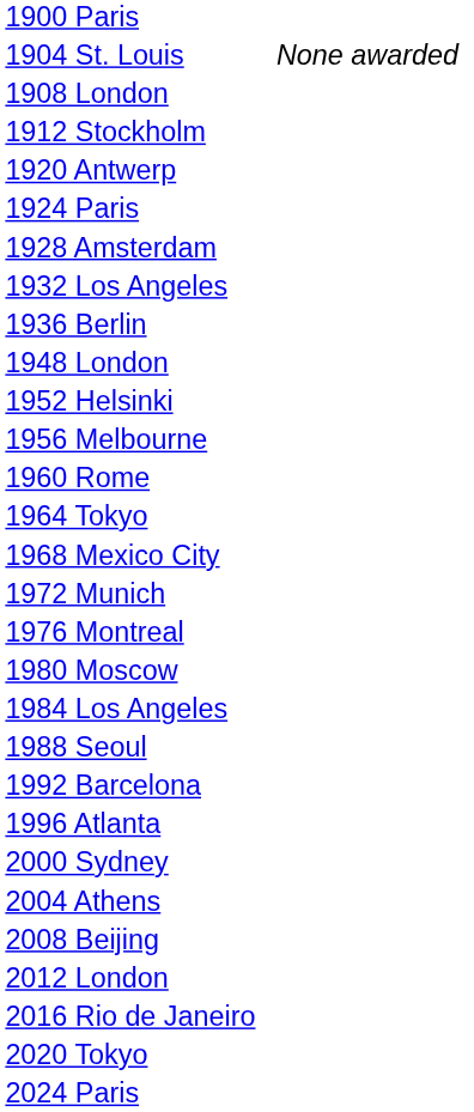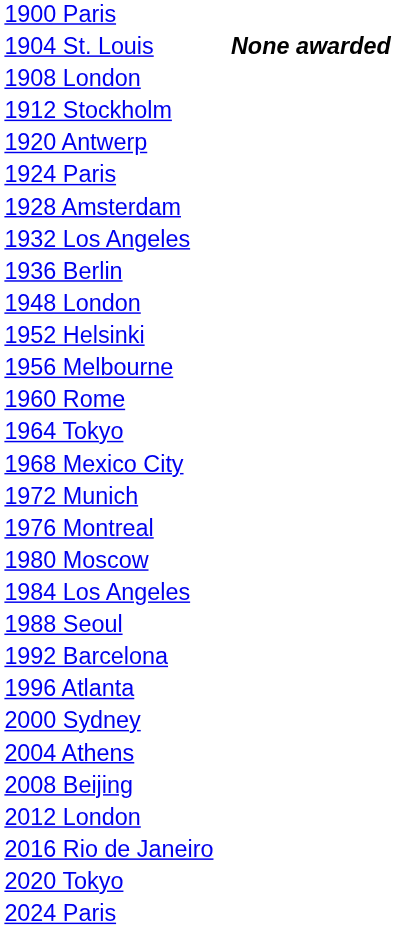 <table>
 <tr>
 <td><a href='#'>1900 Paris</a><br></td>
 <td></td>
 <td></td>
 <td></td>
 </tr>
 <tr>
 <td><a href='#'>1904 St. Louis</a><br></td>
 <td></td>
 <td></td>
-<td><em>None awarded</em></td>
+<td><strong><em>None awarded</em></strong></td>
 </tr>
 <tr>
 <td><a href='#'>1908 London</a><br></td>
 <td></td>
 <td></td>
 <td><br></td>
 </tr>
 <tr>
 <td><a href='#'>1912 Stockholm</a><br></td>
 <td></td>
 <td></td>
 <td></td>
 </tr>
 <tr>
 <td><a href='#'>1920 Antwerp</a><br></td>
 <td></td>
 <td></td>
 <td></td>
 </tr>
 <tr>
 <td><a href='#'>1924 Paris</a><br></td>
 <td></td>
 <td></td>
 <td></td>
 </tr>
 <tr>
 <td><a href='#'>1928 Amsterdam</a><br></td>
 <td></td>
 <td></td>
 <td></td>
 </tr>
 <tr>
 <td><a href='#'>1932 Los Angeles</a><br></td>
 <td></td>
 <td></td>
 <td></td>
 </tr>
 <tr>
 <td><a href='#'>1936 Berlin</a><br></td>
 <td></td>
 <td></td>
 <td></td>
 </tr>
 <tr>
 <td><a href='#'>1948 London</a><br></td>
 <td></td>
 <td></td>
 <td></td>
 </tr>
 <tr>
 <td><a href='#'>1952 Helsinki</a><br></td>
 <td></td>
 <td></td>
 <td></td>
 </tr>
 <tr>
 <td><a href='#'>1956 Melbourne</a><br></td>
 <td></td>
 <td></td>
 <td></td>
 </tr>
 <tr>
 <td><a href='#'>1960 Rome</a><br></td>
 <td></td>
 <td></td>
 <td></td>
 </tr>
 <tr>
 <td><a href='#'>1964 Tokyo</a><br></td>
 <td></td>
 <td></td>
 <td></td>
 </tr>
 <tr>
 <td><a href='#'>1968 Mexico City</a><br></td>
 <td></td>
 <td></td>
 <td></td>
 </tr>
 <tr>
 <td><a href='#'>1972 Munich</a><br></td>
 <td></td>
 <td></td>
 <td></td>
 </tr>
 <tr>
 <td><a href='#'>1976 Montreal</a><br></td>
 <td></td>
 <td></td>
 <td></td>
 </tr>
 <tr>
 <td><a href='#'>1980 Moscow</a><br></td>
 <td></td>
 <td></td>
 <td></td>
 </tr>
 <tr>
 <td><a href='#'>1984 Los Angeles</a><br></td>
 <td></td>
 <td></td>
 <td></td>
 </tr>
 <tr>
 <td><a href='#'>1988 Seoul</a><br></td>
 <td></td>
 <td></td>
 <td></td>
 </tr>
 <tr>
 <td><a href='#'>1992 Barcelona</a><br></td>
 <td></td>
 <td></td>
 <td></td>
 </tr>
 <tr>
 <td><a href='#'>1996 Atlanta</a><br></td>
 <td></td>
 <td></td>
 <td></td>
 </tr>
 <tr>
 <td><a href='#'>2000 Sydney</a><br></td>
 <td></td>
 <td></td>
 <td></td>
 </tr>
 <tr>
 <td><a href='#'>2004 Athens</a><br></td>
 <td></td>
 <td></td>
 <td></td>
 </tr>
 <tr>
 <td><a href='#'>2008 Beijing</a><br></td>
 <td></td>
 <td></td>
 <td></td>
 </tr>
 <tr>
 <td><a href='#'>2012 London</a><br></td>
 <td></td>
 <td></td>
 <td></td>
 </tr>
 <tr>
 <td><a href='#'>2016 Rio de Janeiro</a><br></td>
 <td></td>
 <td></td>
 <td></td>
 </tr>
 <tr>
 <td><a href='#'>2020 Tokyo</a> <br></td>
 <td></td>
 <td></td>
 <td></td>
 </tr>
 <tr>
 <td><a href='#'>2024 Paris</a> <br></td>
 <td></td>
 <td></td>
 <td></td>
 </tr>
 </table>
